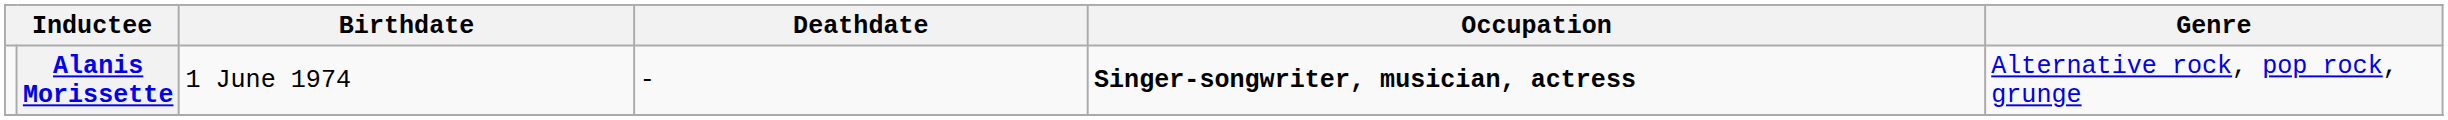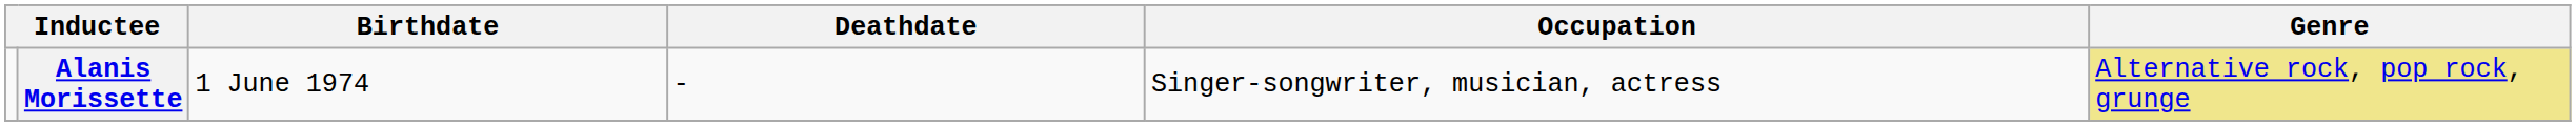 <table class="wikitable" width="100%">
 <tr>
 <th colspan=2>Inductee</th>
 <th width="20%">Birthdate</th>
 <th width="20%">Deathdate</th>
 <th width="40%">Occupation</th>
 <th width="40%">Genre</th>
 </tr>
 <tr>
 <td></td>
 <th><a href='#'>Alanis Morissette</a></th>
 <td>1 June 1974</td>
 <td>-</td>
-<td><strong>Singer-songwriter, musician, actress</strong></td>
-<td><a href='#'>Alternative rock</a>, <a href='#'>pop rock</a>, <a href='#'>grunge</a></td>
+<td>Singer-songwriter, musician, actress</td>
+<td style="background: khaki;"><a href='#'>Alternative rock</a>, <a href='#'>pop rock</a>, <a href='#'>grunge</a></td>
 </tr>
 <tr>
 </tr>
 </table>
